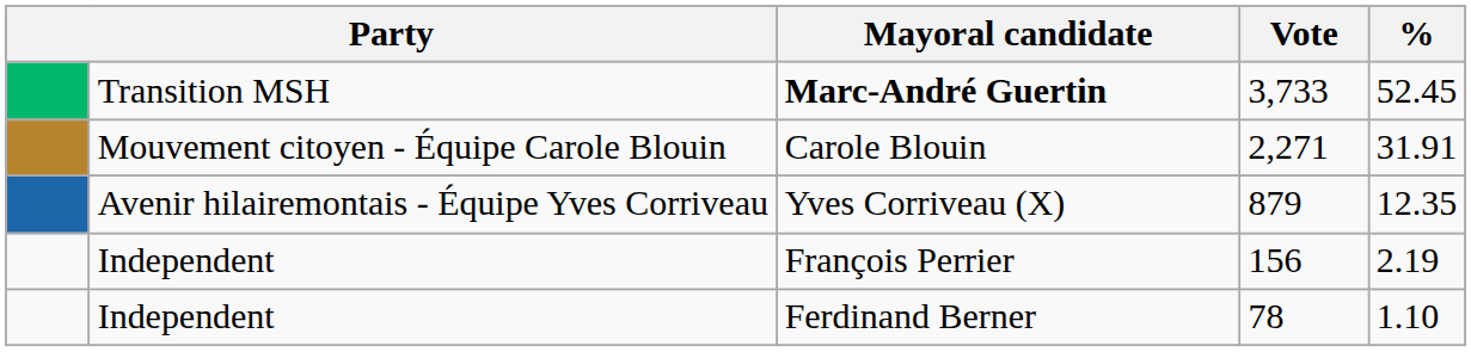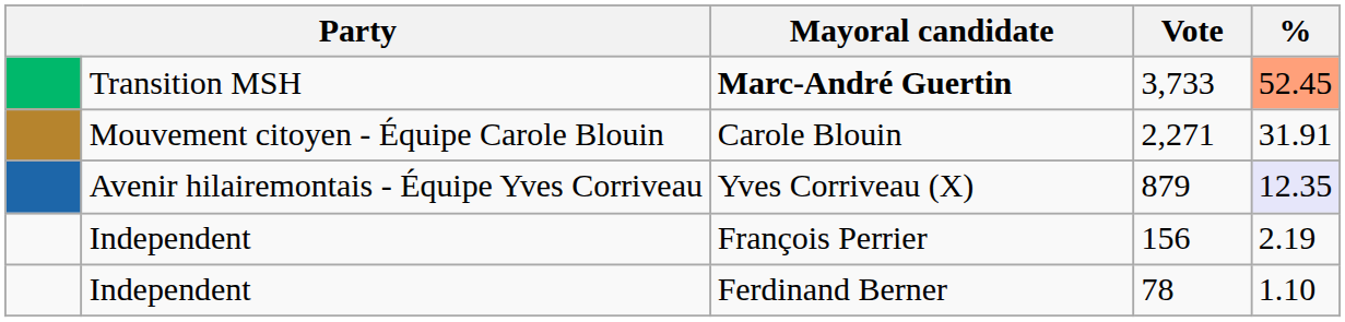 <table class="wikitable">
 <tr>
 <th bgcolor="#DDDDFF" width="230px" colspan="2">Party</th>
 <th bgcolor="#DDDDFF" width="200px">Mayoral candidate</th>
 <th bgcolor="#DDDDFF" width="50px">Vote</th>
 <th bgcolor="#DDDDFF" width="30px">%</th>
 </tr>
 <tr>
 <td bgcolor=#00b86b width="30px"> </td>
 <td>Transition MSH</td>
 <td><strong>Marc-André Guertin</strong></td>
 <td>3,733</td>
-<td>52.45</td>
+<td style="background: lightsalmon;">52.45</td>
 </tr>
 <tr>
 <td bgcolor=#b6842d width="30px"> </td>
 <td>Mouvement citoyen - Équipe Carole Blouin</td>
 <td>Carole Blouin</td>
 <td>2,271</td>
 <td>31.91</td>
 </tr>
 <tr>
 <td bgcolor=#1D66A9 width="30px"> </td>
 <td>Avenir hilairemontais - Équipe Yves Corriveau</td>
 <td>Yves Corriveau (X)</td>
 <td>879</td>
-<td>12.35</td>
+<td style="background: lavender;">12.35</td>
 </tr>
 <tr>
 <td> </td>
 <td>Independent</td>
 <td>François Perrier</td>
 <td>156</td>
 <td>2.19</td>
 </tr>
 <tr>
 <td> </td>
 <td>Independent</td>
 <td>Ferdinand Berner</td>
 <td>78</td>
 <td>1.10</td>
 </tr>
 </table>
